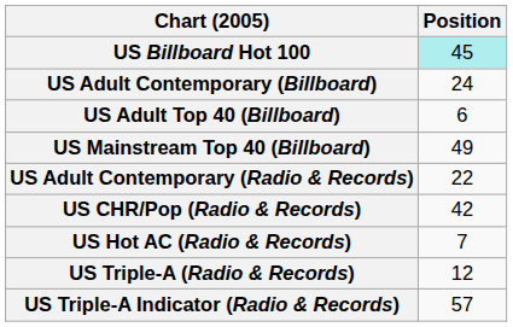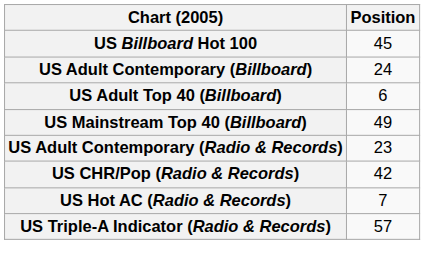 <table class="wikitable sortable plainrowheaders" style="text-align:center">
 <tr>
 <th>Chart (2005)</th>
 <th>Position</th>
 </tr>
 <tr>
 <th scope="row">US <em>Billboard</em> Hot 100</th>
-<td style="background: paleturquoise;">45</td>
+<td>45</td>
 </tr>
 <tr>
 <th scope="row">US Adult Contemporary (<em>Billboard</em>)</th>
 <td>24</td>
 </tr>
 <tr>
 <th scope="row">US Adult Top 40 (<em>Billboard</em>)</th>
 <td>6</td>
 </tr>
 <tr>
 <th scope="row">US Mainstream Top 40 (<em>Billboard</em>)</th>
 <td>49</td>
 </tr>
 <tr>
 <th scope="row">US Adult Contemporary (<em>Radio & Records</em>)</th>
-<td>22</td>
+<td>23</td>
 </tr>
 <tr>
 <th scope="row">US CHR/Pop (<em>Radio & Records</em>)</th>
 <td>42</td>
 </tr>
 <tr>
 <th scope="row">US Hot AC (<em>Radio & Records</em>)</th>
 <td>7</td>
 </tr>
 <tr>
-<th scope="row">US Triple-A (<em>Radio & Records</em>)</th>
-<td>12</td>
-</tr>
-<tr>
 <th scope="row">US Triple-A Indicator (<em>Radio & Records</em>)</th>
 <td>57</td>
 </tr>
 </table>
